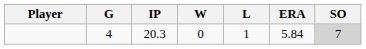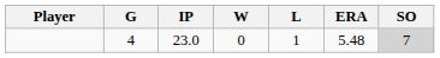 <table class="wikitable sortable">
 <tr>
 <th bgcolor="#DDDDFF" width="16%">Player</th>
 <th bgcolor="#DDDDFF" width="9%">G</th>
 <th bgcolor="#DDDDFF" width="9%">IP</th>
 <th bgcolor="#DDDDFF" width="9%">W</th>
 <th bgcolor="#DDDDFF" width="9%">L</th>
 <th bgcolor="#DDDDFF" width="9%">ERA</th>
 <th bgcolor="#DDDDFF" width="9%">SO</th>
 </tr>
 <tr align="center">
 <td></td>
 <td>4</td>
-<td>20.3</td>
+<td>23.0</td>
 <td>0</td>
 <td>1</td>
-<td>5.84</td>
+<td>5.48</td>
 <td style="background: lightgrey;">7</td>
 </tr>
 </table>
